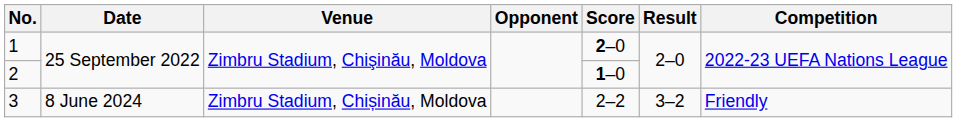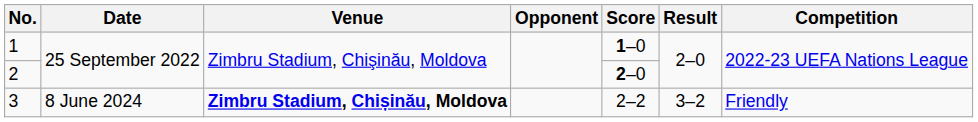 <table class="wikitable">
 <tr>
 <th>No.</th>
 <th>Date</th>
 <th>Venue</th>
 <th>Opponent</th>
 <th>Score</th>
 <th>Result</th>
 <th>Competition</th>
 </tr>
 <tr>
 <td>1</td>
 <td rowspan=2>25 September 2022</td>
 <td rowspan=2><a href='#'>Zimbru Stadium</a>, <a href='#'>Chişinău</a>, <a href='#'>Moldova</a></td>
 <td rowspan=2></td>
-<td align=center><strong>2</strong>–0</td>
+<td align=center><strong>1</strong>–0</td>
 <td rowspan=2 align=center>2–0</td>
 <td rowspan=2><a href='#'>2022-23 UEFA Nations League</a></td>
 </tr>
 <tr>
 <td>2</td>
-<td align=center><strong>1</strong>–0</td>
+<td align=center><strong>2</strong>–0</td>
 </tr>
 <tr>
 <td>3</td>
 <td>8 June 2024</td>
-<td><a href='#'>Zimbru Stadium</a>, <a href='#'>Chișinău</a>, Moldova</td>
+<td><strong><a href='#'>Zimbru Stadium</a>, <a href='#'>Chișinău</a>, Moldova</strong></td>
 <td></td>
 <td align="center">2–2</td>
 <td align="center">3–2</td>
 <td><a href='#'>Friendly</a></td>
 </tr>
 </table>
